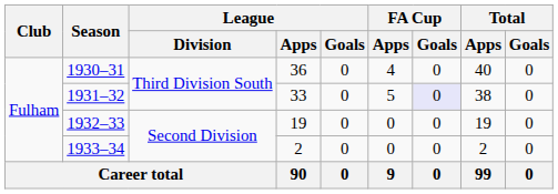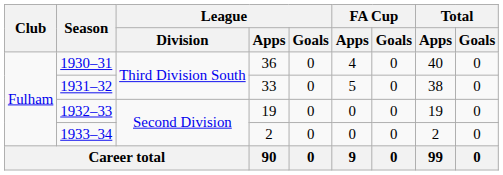 <table class="wikitable" style="text-align:center">
 <tr>
 <th rowspan="2">Club</th>
 <th rowspan="2">Season</th>
 <th colspan="3">League</th>
 <th colspan="2">FA Cup</th>
 <th colspan="2">Total</th>
 </tr>
 <tr>
 <th>Division</th>
 <th>Apps</th>
 <th>Goals</th>
 <th>Apps</th>
 <th>Goals</th>
 <th>Apps</th>
 <th>Goals</th>
 </tr>
 <tr>
 <td rowspan="4"><a href='#'>Fulham</a></td>
 <td><a href='#'>1930–31</a></td>
 <td rowspan="2"><a href='#'>Third Division South</a></td>
 <td>36</td>
 <td>0</td>
 <td>4</td>
 <td>0</td>
 <td>40</td>
 <td>0</td>
 </tr>
 <tr>
 <td><a href='#'>1931–32</a></td>
 <td>33</td>
 <td>0</td>
 <td>5</td>
-<td style="background: lavender;">0</td>
+<td>0</td>
 <td>38</td>
 <td>0</td>
 </tr>
 <tr>
 <td><a href='#'>1932–33</a></td>
 <td rowspan="2"><a href='#'>Second Division</a></td>
 <td>19</td>
 <td>0</td>
 <td>0</td>
 <td>0</td>
 <td>19</td>
 <td>0</td>
 </tr>
 <tr>
 <td><a href='#'>1933–34</a></td>
 <td>2</td>
 <td>0</td>
 <td>0</td>
 <td>0</td>
 <td>2</td>
 <td>0</td>
 </tr>
 <tr>
 <th colspan="3">Career total</th>
 <th>90</th>
 <th>0</th>
 <th>9</th>
 <th>0</th>
 <th>99</th>
 <th>0</th>
 </tr>
 </table>
